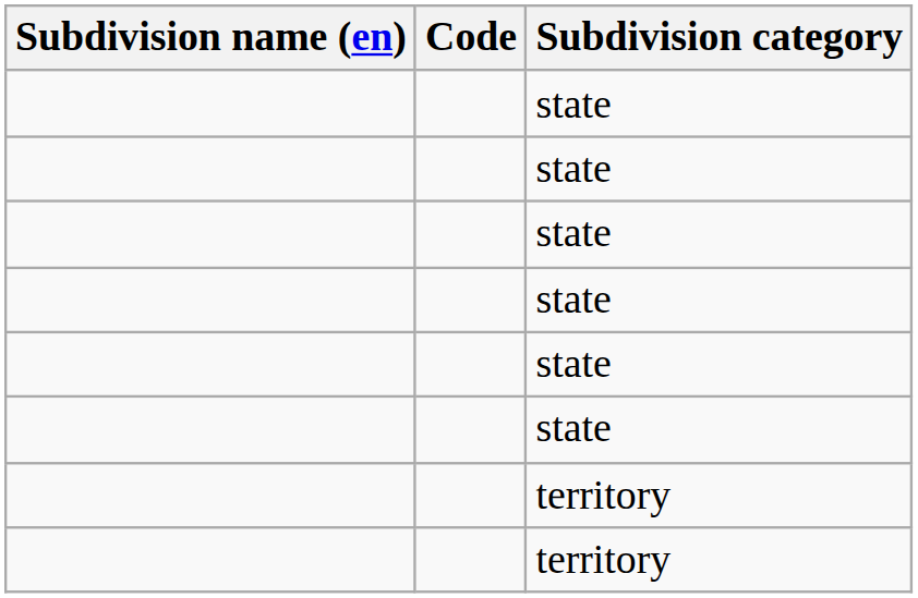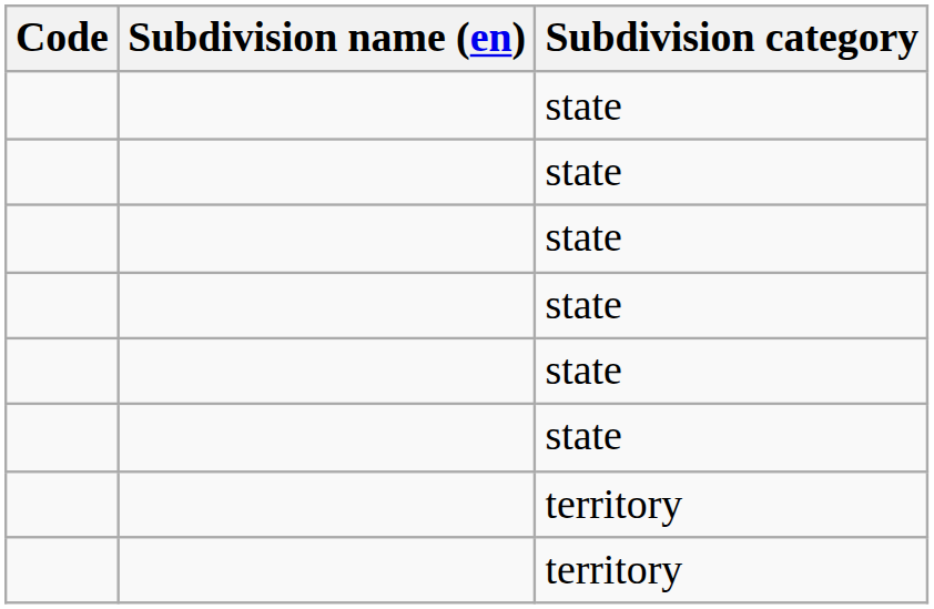 <table class="wikitable sortable">
 <tr>
+<th>Code</th>
 <th>Subdivision name (<a href='#'>en</a>)</th>
-<th>Code</th>
 <th>Subdivision category</th>
 </tr>
 <tr>
 <td></td>
 <td></td>
 <td>state</td>
 </tr>
 <tr>
 <td></td>
 <td></td>
 <td>state</td>
 </tr>
 <tr>
 <td></td>
 <td></td>
 <td>state</td>
 </tr>
 <tr>
 <td></td>
 <td></td>
 <td>state</td>
 </tr>
 <tr>
 <td></td>
 <td></td>
 <td>state</td>
 </tr>
 <tr>
 <td></td>
 <td></td>
 <td>state</td>
 </tr>
 <tr>
 <td></td>
 <td></td>
 <td>territory</td>
 </tr>
 <tr>
 <td></td>
 <td></td>
 <td>territory</td>
 </tr>
 </table>
